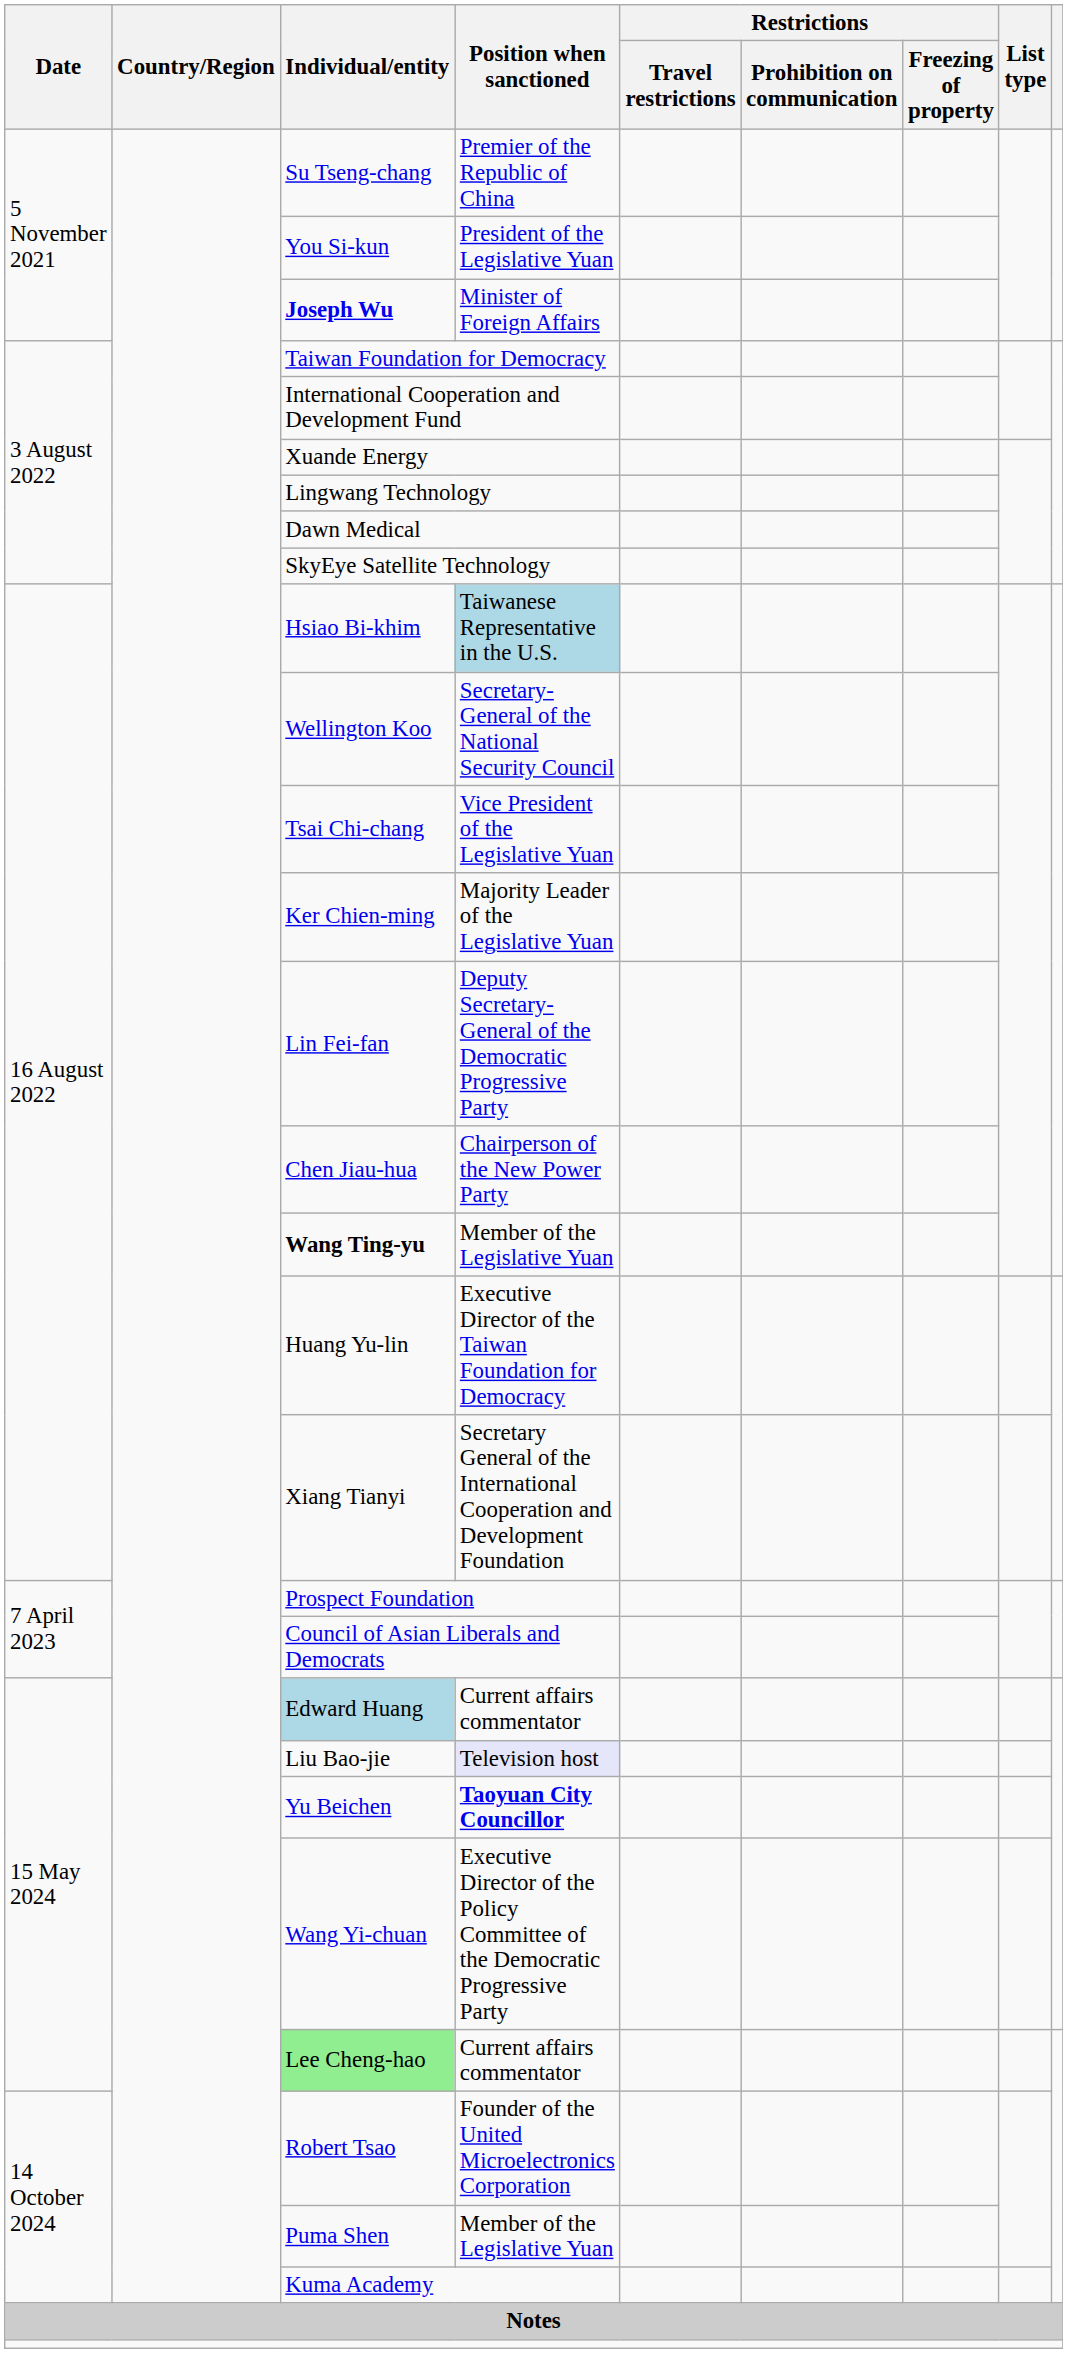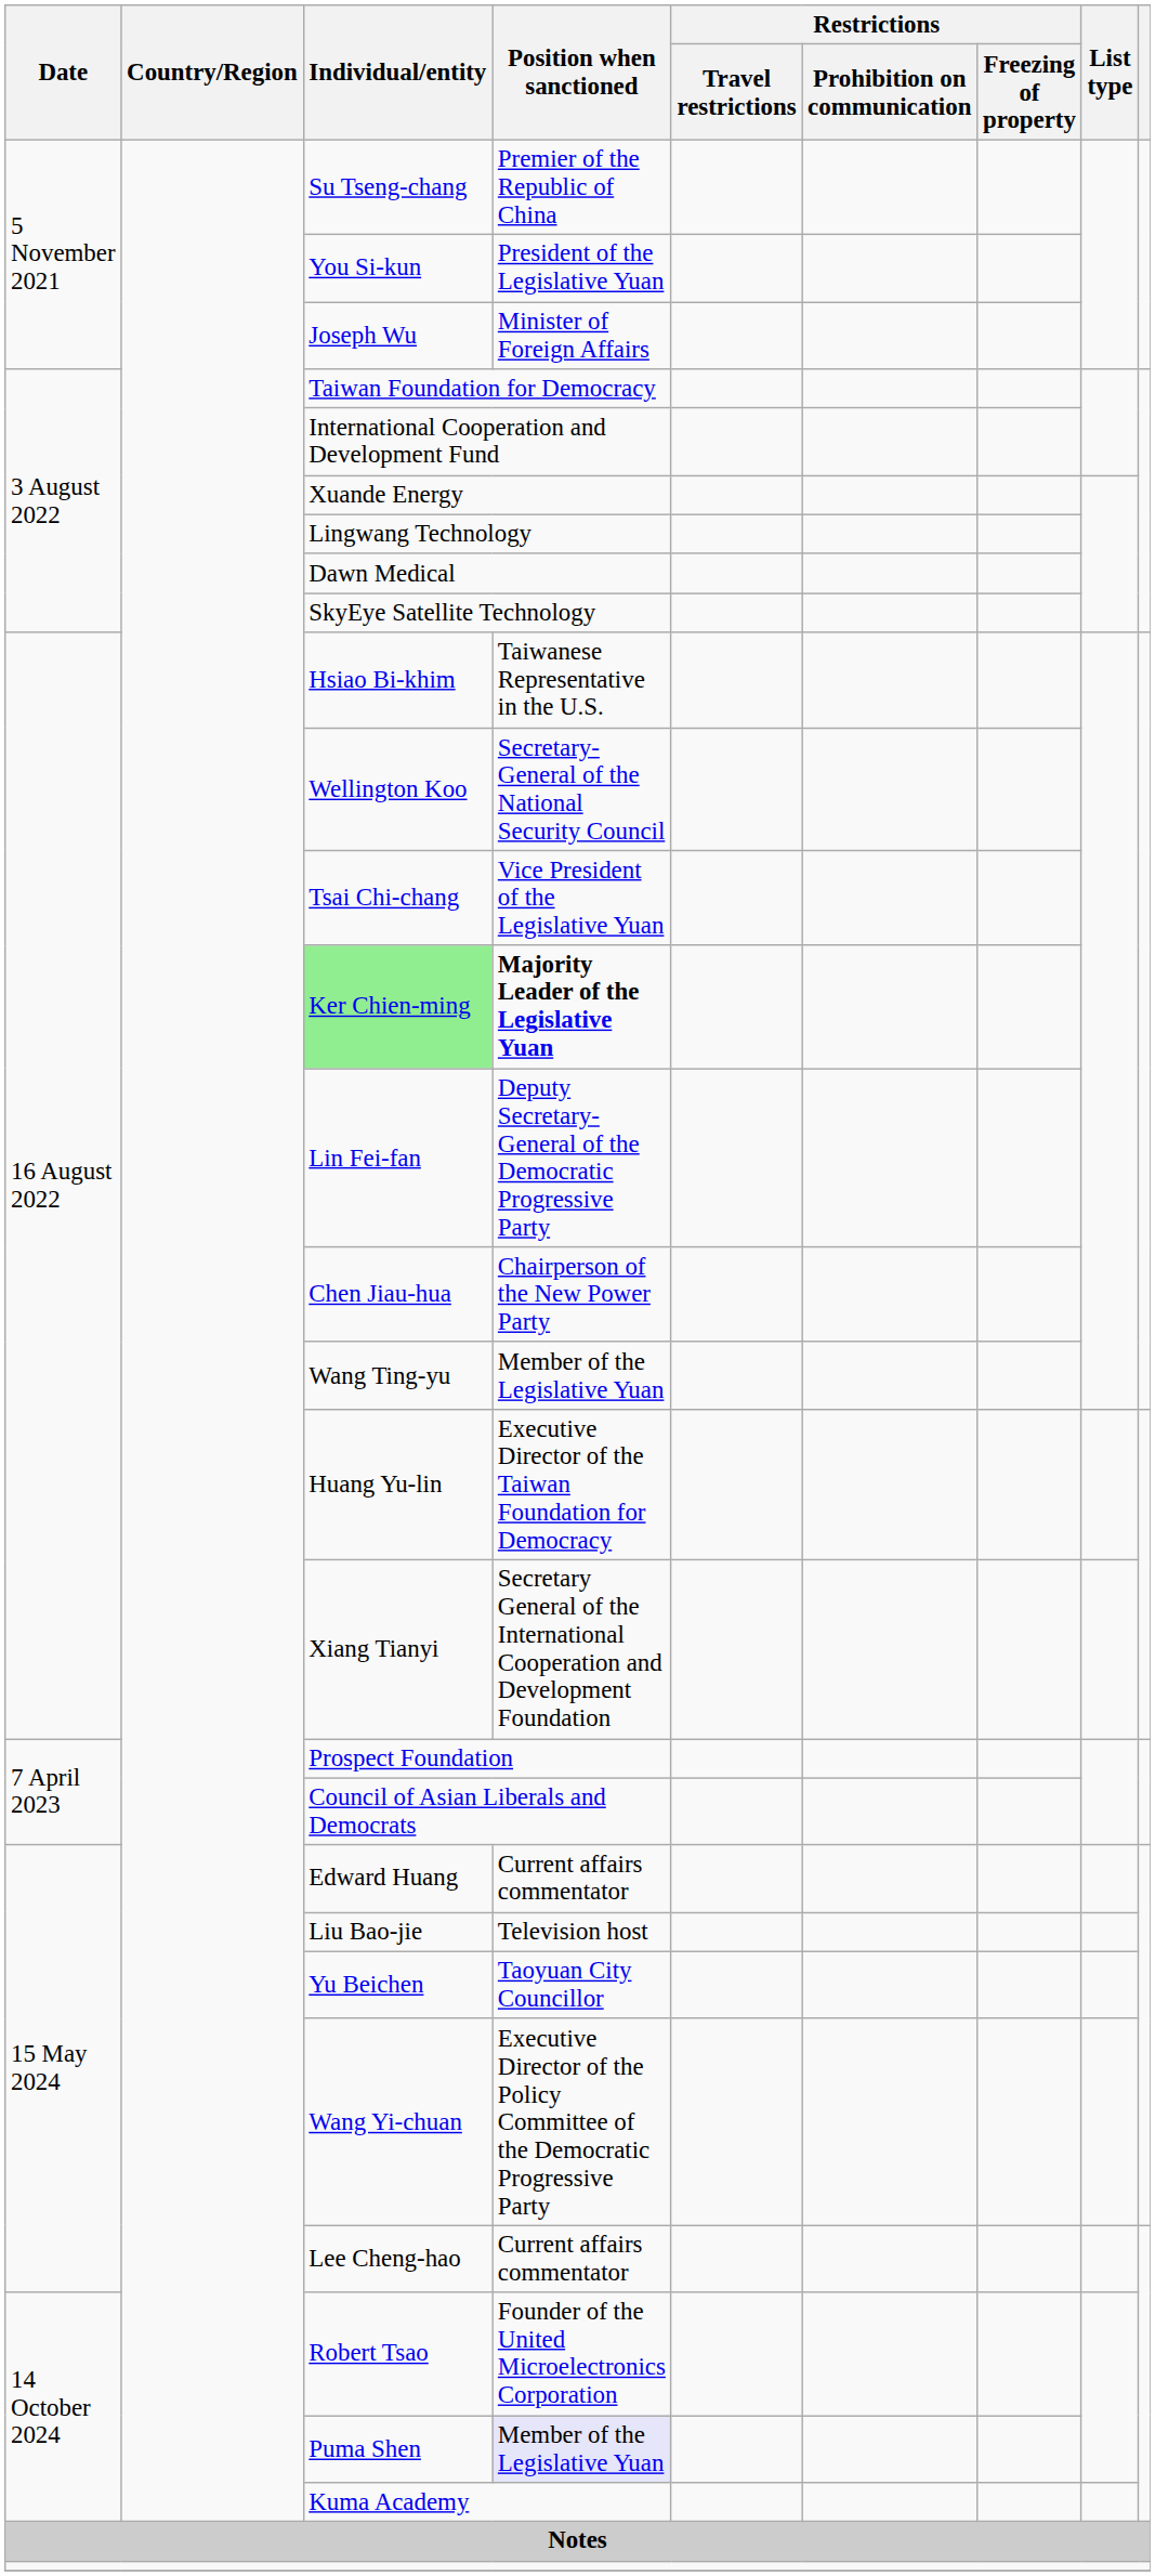 <table class="wikitable sortable">
 <tr>
 <th rowspan="2">Date</th>
 <th rowspan="2">Country/Region</th>
 <th rowspan="2">Individual/entity</th>
 <th rowspan="2">Position when sanctioned</th>
 <th colspan="3">Restrictions</th>
 <th rowspan="2">List type</th>
 <th rowspan="2"></th>
 </tr>
 <tr>
 <th>Travel restrictions</th>
 <th>Prohibition on communication</th>
 <th>Freezing of property</th>
 </tr>
 <tr>
 <td rowspan="3">5 November 2021</td>
 <td rowspan="28"></td>
 <td><a href='#'>Su Tseng-chang</a></td>
 <td><a href='#'>Premier of the Republic of China</a></td>
 <td></td>
 <td></td>
 <td></td>
 <td rowspan="3"></td>
 <td rowspan="3"></td>
 </tr>
 <tr>
 <td><a href='#'>You Si-kun</a></td>
 <td><a href='#'>President of the Legislative Yuan</a></td>
 <td></td>
 <td></td>
 <td></td>
 </tr>
 <tr>
-<td><strong><a href='#'>Joseph Wu</a></strong></td>
+<td><a href='#'>Joseph Wu</a></td>
 <td><a href='#'>Minister of Foreign Affairs</a></td>
 <td></td>
 <td></td>
 <td></td>
 </tr>
 <tr>
 <td rowspan="6">3 August 2022</td>
 <td colspan="2"><a href='#'>Taiwan Foundation for Democracy</a></td>
 <td></td>
 <td></td>
 <td></td>
 <td rowspan="2"></td>
 <td rowspan="6"></td>
 </tr>
 <tr>
 <td colspan="2">International Cooperation and Development Fund</td>
 <td></td>
 <td></td>
 <td></td>
 </tr>
 <tr>
 <td colspan="2">Xuande Energy</td>
 <td></td>
 <td></td>
 <td></td>
 <td rowspan="4"></td>
 </tr>
 <tr>
 <td colspan="2">Lingwang Technology</td>
 <td></td>
 <td></td>
 <td></td>
 </tr>
 <tr>
 <td colspan="2">Dawn Medical</td>
 <td></td>
 <td></td>
 <td></td>
 </tr>
 <tr>
 <td colspan="2">SkyEye Satellite Technology</td>
 <td></td>
 <td></td>
 <td></td>
 </tr>
 <tr>
 <td rowspan="9">16 August 2022</td>
 <td><a href='#'>Hsiao Bi-khim</a></td>
-<td style="background: lightblue;">Taiwanese Representative in the U.S.</td>
+<td>Taiwanese Representative in the U.S.</td>
 <td></td>
 <td></td>
 <td></td>
 <td rowspan="7"></td>
 <td rowspan="7"></td>
 </tr>
 <tr>
 <td><a href='#'>Wellington Koo</a></td>
 <td><a href='#'>Secretary-General of the National Security Council</a></td>
 <td></td>
 <td></td>
 <td></td>
 </tr>
 <tr>
 <td><a href='#'>Tsai Chi-chang</a></td>
 <td><a href='#'>Vice President of the Legislative Yuan</a></td>
 <td></td>
 <td></td>
 <td></td>
 </tr>
 <tr>
-<td><a href='#'>Ker Chien-ming</a></td>
-<td>Majority Leader of the <a href='#'>Legislative Yuan</a></td>
+<td style="background: lightgreen;"><a href='#'>Ker Chien-ming</a></td>
+<td><strong>Majority Leader of the <a href='#'>Legislative Yuan</a></strong></td>
 <td></td>
 <td></td>
 <td></td>
 </tr>
 <tr>
 <td><a href='#'>Lin Fei-fan</a></td>
 <td><a href='#'>Deputy Secretary-General of the Democratic Progressive Party</a></td>
 <td></td>
 <td></td>
 <td></td>
 </tr>
 <tr>
 <td><a href='#'>Chen Jiau-hua</a></td>
 <td><a href='#'>Chairperson of the New Power Party</a></td>
 <td></td>
 <td></td>
 <td></td>
 </tr>
 <tr>
-<td><strong>Wang Ting-yu</strong></td>
+<td>Wang Ting-yu</td>
 <td>Member of the <a href='#'>Legislative Yuan</a></td>
 <td></td>
 <td></td>
 <td></td>
 </tr>
 <tr>
 <td>Huang Yu-lin</td>
 <td>Executive Director of the <a href='#'>Taiwan Foundation for Democracy</a></td>
 <td></td>
 <td></td>
 <td></td>
 <td></td>
 <td rowspan="2"></td>
 </tr>
 <tr>
 <td>Xiang Tianyi</td>
 <td>Secretary General of the International Cooperation and Development Foundation</td>
 <td></td>
 <td></td>
 <td></td>
 <td></td>
 </tr>
 <tr>
 <td rowspan="2">7 April 2023</td>
 <td colspan="2"><a href='#'>Prospect Foundation</a></td>
 <td></td>
 <td></td>
 <td></td>
 <td rowspan="2"></td>
 <td rowspan="2"></td>
 </tr>
 <tr>
 <td colspan="2"><a href='#'>Council of Asian Liberals and Democrats</a></td>
 <td></td>
 <td></td>
 <td></td>
 </tr>
 <tr>
 <td rowspan="5">15 May 2024</td>
-<td style="background: lightblue;">Edward Huang</td>
+<td>Edward Huang</td>
 <td>Current affairs commentator</td>
 <td></td>
 <td></td>
 <td></td>
 <td></td>
 <td rowspan="4"></td>
 </tr>
 <tr>
 <td>Liu Bao-jie</td>
-<td style="background: lavender;">Television host</td>
+<td>Television host</td>
 <td></td>
 <td></td>
 <td></td>
 <td></td>
 </tr>
 <tr>
 <td><a href='#'>Yu Beichen</a></td>
-<td><strong><a href='#'>Taoyuan City Councillor</a></strong></td>
+<td><a href='#'>Taoyuan City Councillor</a></td>
 <td></td>
 <td></td>
 <td></td>
 <td></td>
 </tr>
 <tr>
 <td><a href='#'>Wang Yi-chuan</a></td>
 <td>Executive Director of the Policy Committee of the Democratic Progressive Party</td>
 <td></td>
 <td></td>
 <td></td>
 <td></td>
 </tr>
 <tr>
-<td style="background: lightgreen;">Lee Cheng-hao</td>
+<td>Lee Cheng-hao</td>
 <td>Current affairs commentator</td>
 <td></td>
 <td></td>
 <td></td>
 <td></td>
 <td rowspan="4"></td>
 </tr>
 <tr>
 <td rowspan="3">14 October 2024</td>
 <td><a href='#'>Robert Tsao</a></td>
 <td>Founder of the <a href='#'>United Microelectronics Corporation</a></td>
 <td></td>
 <td></td>
 <td></td>
 <td rowspan="2"></td>
 </tr>
 <tr>
 <td><a href='#'>Puma Shen</a></td>
-<td>Member of the <a href='#'>Legislative Yuan</a></td>
+<td style="background: lavender;">Member of the <a href='#'>Legislative Yuan</a></td>
 <td></td>
 <td></td>
 <td></td>
 </tr>
 <tr>
 <td colspan="2"><a href='#'>Kuma Academy</a></td>
 <td></td>
 <td></td>
 <td></td>
 <td></td>
 </tr>
 <tr>
 <td colspan="9" align="center" style="background:#CCCCCC;"><span><strong>Notes</strong></span></td>
 </tr>
 <tr>
 <td colspan="9" style="font-size:85%;"></td>
 </tr>
 <tr>
 </tr>
 </table>
